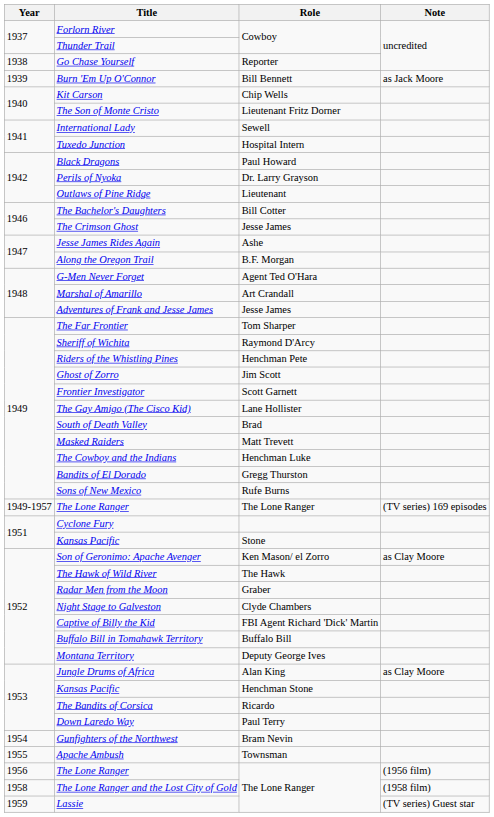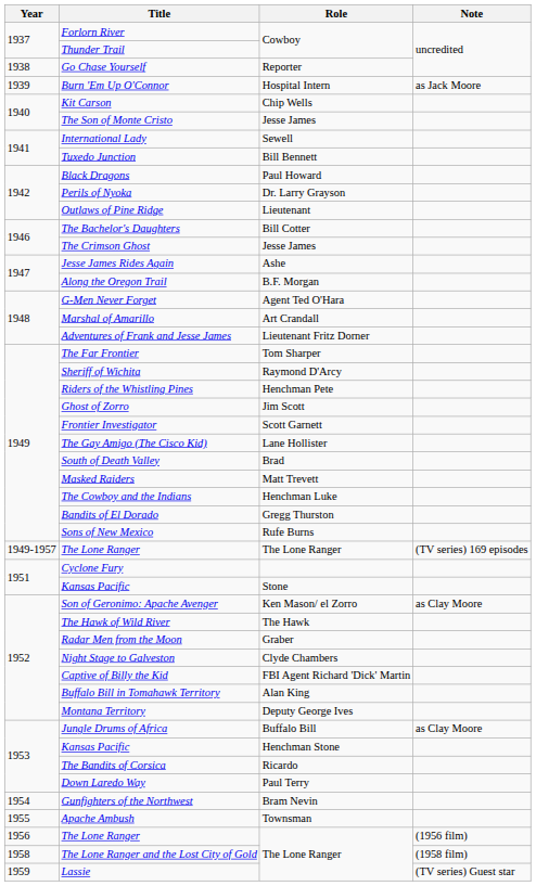 <table class="wikitable sortable">
 <tr>
 <th>Year</th>
 <th>Title</th>
 <th>Role</th>
 <th class="unsortable">Note</th>
 </tr>
 <tr>
 <td rowspan="2">1937</td>
 <td><em><a href='#'>Forlorn River</a></em></td>
 <td rowspan="2">Cowboy</td>
 <td rowspan="3">uncredited</td>
 </tr>
 <tr>
 <td><em><a href='#'>Thunder Trail</a></em></td>
 </tr>
 <tr>
 <td>1938</td>
 <td><em><a href='#'>Go Chase Yourself</a></em></td>
 <td>Reporter</td>
 </tr>
 <tr>
 <td>1939</td>
 <td><em><a href='#'>Burn 'Em Up O'Connor</a></em></td>
-<td>Bill Bennett</td>
+<td>Hospital Intern</td>
 <td>as Jack Moore</td>
 </tr>
 <tr>
 <td rowspan="2">1940</td>
 <td><em><a href='#'>Kit Carson</a></em></td>
 <td>Chip Wells</td>
 <td></td>
 </tr>
 <tr>
 <td><em><a href='#'>The Son of Monte Cristo</a></em></td>
-<td>Lieutenant Fritz Dorner</td>
+<td>Jesse James</td>
 <td></td>
 </tr>
 <tr>
 <td rowspan="2">1941</td>
 <td><em><a href='#'>International Lady</a></em></td>
 <td>Sewell</td>
 <td></td>
 </tr>
 <tr>
 <td><em><a href='#'>Tuxedo Junction</a></em></td>
-<td>Hospital Intern</td>
+<td>Bill Bennett</td>
 <td></td>
 </tr>
 <tr>
 <td rowspan="3">1942</td>
 <td><em><a href='#'>Black Dragons</a></em></td>
 <td>Paul Howard</td>
 <td></td>
 </tr>
 <tr>
 <td><em><a href='#'>Perils of Nyoka</a></em></td>
 <td>Dr. Larry Grayson</td>
 <td></td>
 </tr>
 <tr>
 <td><em><a href='#'>Outlaws of Pine Ridge</a></em></td>
 <td>Lieutenant</td>
 <td></td>
 </tr>
 <tr>
 <td rowspan="2">1946</td>
 <td><em><a href='#'>The Bachelor's Daughters</a></em></td>
 <td>Bill Cotter</td>
 <td></td>
 </tr>
 <tr>
 <td><em><a href='#'>The Crimson Ghost</a></em></td>
 <td>Jesse James</td>
 <td></td>
 </tr>
 <tr>
 <td rowspan="2">1947</td>
 <td><em><a href='#'>Jesse James Rides Again</a></em></td>
 <td>Ashe</td>
 <td></td>
 </tr>
 <tr>
 <td><em><a href='#'>Along the Oregon Trail</a></em></td>
 <td>B.F. Morgan</td>
 <td></td>
 </tr>
 <tr>
 <td rowspan="3">1948</td>
 <td><em><a href='#'>G-Men Never Forget</a></em></td>
 <td>Agent Ted O'Hara</td>
 <td></td>
 </tr>
 <tr>
 <td><em><a href='#'>Marshal of Amarillo</a></em></td>
 <td>Art Crandall</td>
 <td></td>
 </tr>
 <tr>
 <td><em><a href='#'>Adventures of Frank and Jesse James</a></em></td>
-<td>Jesse James</td>
+<td>Lieutenant Fritz Dorner</td>
 <td></td>
 </tr>
 <tr>
 <td rowspan="11">1949</td>
 <td><em><a href='#'>The Far Frontier</a></em></td>
 <td>Tom Sharper</td>
 <td></td>
 </tr>
 <tr>
 <td><em><a href='#'>Sheriff of Wichita</a></em></td>
 <td>Raymond D'Arcy</td>
 <td></td>
 </tr>
 <tr>
 <td><em><a href='#'>Riders of the Whistling Pines</a></em></td>
 <td>Henchman Pete</td>
 <td></td>
 </tr>
 <tr>
 <td><em><a href='#'>Ghost of Zorro</a></em></td>
 <td>Jim Scott</td>
 <td></td>
 </tr>
 <tr>
 <td><em><a href='#'>Frontier Investigator</a></em></td>
 <td>Scott Garnett</td>
 <td></td>
 </tr>
 <tr>
 <td><em><a href='#'>The Gay Amigo (The Cisco Kid)</a></em></td>
 <td>Lane Hollister</td>
 <td></td>
 </tr>
 <tr>
 <td><em><a href='#'>South of Death Valley</a></em></td>
 <td>Brad</td>
 <td></td>
 </tr>
 <tr>
 <td><em><a href='#'>Masked Raiders</a></em></td>
 <td>Matt Trevett</td>
 <td></td>
 </tr>
 <tr>
 <td><em><a href='#'>The Cowboy and the Indians</a></em></td>
 <td>Henchman Luke</td>
 <td></td>
 </tr>
 <tr>
 <td><em><a href='#'>Bandits of El Dorado</a></em></td>
 <td>Gregg Thurston</td>
 <td></td>
 </tr>
 <tr>
 <td><em><a href='#'>Sons of New Mexico</a></em></td>
 <td>Rufe Burns</td>
 <td></td>
 </tr>
 <tr>
 <td>1949-1957</td>
 <td><em><a href='#'>The Lone Ranger</a></em></td>
 <td>The Lone Ranger</td>
 <td>(TV series) 169 episodes</td>
 </tr>
 <tr>
 <td rowspan="2">1951</td>
 <td><em><a href='#'>Cyclone Fury</a></em></td>
 <td></td>
 <td></td>
 </tr>
 <tr>
 <td><em><a href='#'>Kansas Pacific</a></em></td>
 <td>Stone</td>
 <td></td>
 </tr>
 <tr>
 <td rowspan="7">1952</td>
 <td><em><a href='#'>Son of Geronimo: Apache Avenger</a></em></td>
 <td>Ken Mason/ el Zorro</td>
 <td>as Clay Moore</td>
 </tr>
 <tr>
 <td><em><a href='#'>The Hawk of Wild River</a></em></td>
 <td>The Hawk</td>
 <td></td>
 </tr>
 <tr>
 <td><em><a href='#'>Radar Men from the Moon</a></em></td>
 <td>Graber</td>
 <td></td>
 </tr>
 <tr>
 <td><em><a href='#'>Night Stage to Galveston</a></em></td>
 <td>Clyde Chambers</td>
 <td></td>
 </tr>
 <tr>
 <td><em><a href='#'>Captive of Billy the Kid</a></em></td>
 <td>FBI Agent Richard 'Dick' Martin</td>
 <td></td>
 </tr>
 <tr>
 <td><em><a href='#'>Buffalo Bill in Tomahawk Territory</a></em></td>
-<td>Buffalo Bill</td>
+<td>Alan King</td>
 <td></td>
 </tr>
 <tr>
 <td><em><a href='#'>Montana Territory</a></em></td>
 <td>Deputy George Ives</td>
 <td></td>
 </tr>
 <tr>
 <td rowspan="4">1953</td>
 <td><em><a href='#'>Jungle Drums of Africa</a></em></td>
-<td>Alan King</td>
+<td>Buffalo Bill</td>
 <td>as Clay Moore</td>
 </tr>
 <tr>
 <td><em><a href='#'>Kansas Pacific</a></em></td>
 <td>Henchman Stone</td>
 <td></td>
 </tr>
 <tr>
 <td><em><a href='#'>The Bandits of Corsica</a></em></td>
 <td>Ricardo</td>
 <td></td>
 </tr>
 <tr>
 <td><em><a href='#'>Down Laredo Way</a></em></td>
 <td>Paul Terry</td>
 <td></td>
 </tr>
 <tr>
 <td>1954</td>
 <td><em><a href='#'>Gunfighters of the Northwest</a></em></td>
 <td>Bram Nevin</td>
 <td></td>
 </tr>
 <tr>
 <td>1955</td>
 <td><em><a href='#'>Apache Ambush</a></em></td>
 <td>Townsman</td>
 <td></td>
 </tr>
 <tr>
 <td>1956</td>
 <td><em><a href='#'>The Lone Ranger</a></em></td>
 <td rowspan="3">The Lone Ranger</td>
 <td>(1956 film)</td>
 </tr>
 <tr>
 <td>1958</td>
 <td><em><a href='#'>The Lone Ranger and the Lost City of Gold</a></em></td>
 <td>(1958 film)</td>
 </tr>
 <tr>
 <td>1959</td>
 <td><em><a href='#'>Lassie</a></em></td>
 <td>(TV series) Guest star</td>
 </tr>
 </table>
